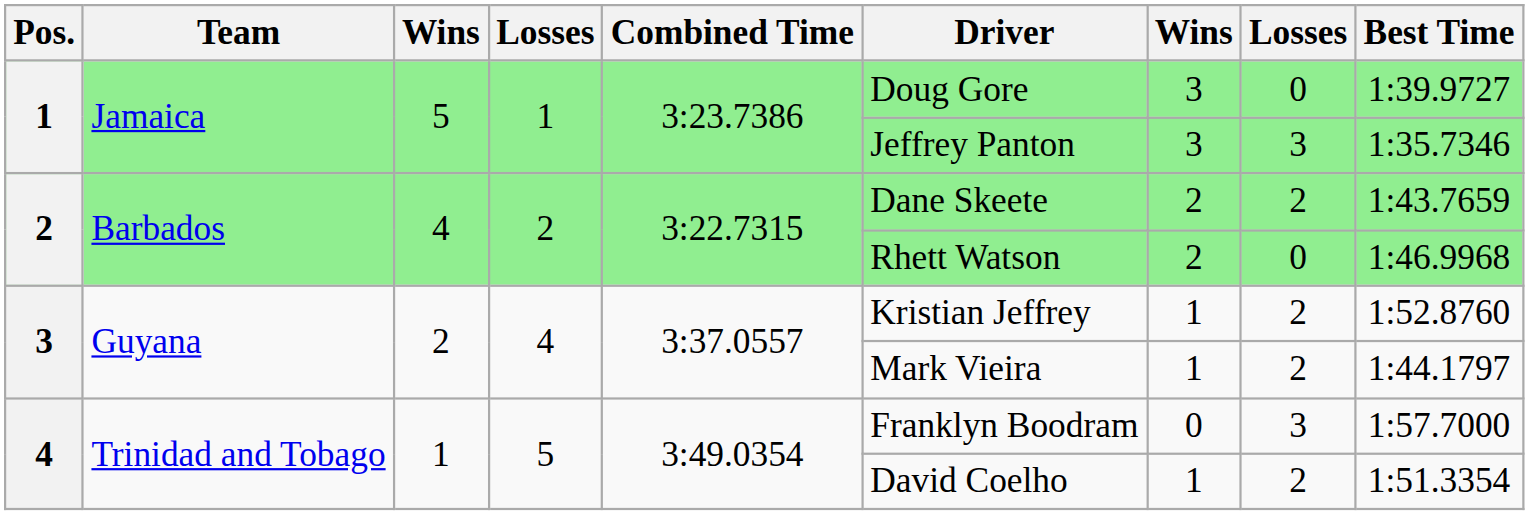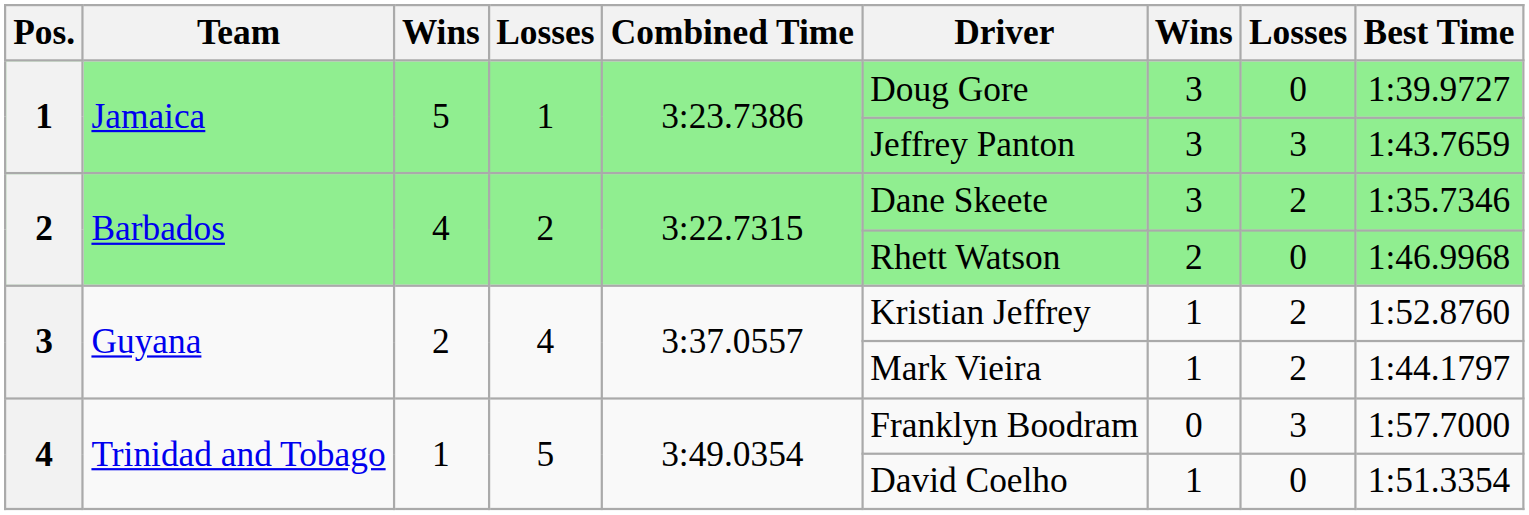 <table class="wikitable">
 <tr>
 <th>Pos.</th>
 <th>Team</th>
 <th>Wins</th>
 <th>Losses</th>
 <th>Combined Time</th>
 <th>Driver</th>
 <th>Wins</th>
 <th>Losses</th>
 <th>Best Time</th>
 </tr>
 <tr style="background:lightgreen;">
 <th rowspan=2>1</th>
 <td rowspan=2> <a href='#'>Jamaica</a></td>
 <td rowspan="2" style="text-align:center;">5</td>
 <td rowspan="2" style="text-align:center;">1</td>
 <td rowspan="2" style="text-align:center;">3:23.7386</td>
 <td> Doug Gore</td>
 <td style="text-align:center;">3</td>
 <td style="text-align:center;">0</td>
 <td style="text-align:center;">1:39.9727</td>
 </tr>
 <tr style="background:lightgreen;">
 <td> Jeffrey Panton</td>
 <td style="text-align:center;">3</td>
 <td style="text-align:center;">3</td>
-<td style="text-align:center;">1:35.7346</td>
+<td style="text-align:center;">1:43.7659</td>
 </tr>
 <tr style="background:lightgreen;">
 <th rowspan=2>2</th>
 <td rowspan=2> <a href='#'>Barbados</a></td>
 <td rowspan="2" style="text-align:center;">4</td>
 <td rowspan="2" style="text-align:center;">2</td>
 <td rowspan="2" style="text-align:center;">3:22.7315</td>
 <td> Dane Skeete</td>
+<td style="text-align:center;">3</td>
 <td style="text-align:center;">2</td>
-<td style="text-align:center;">2</td>
-<td style="text-align:center;">1:43.7659</td>
+<td style="text-align:center;">1:35.7346</td>
 </tr>
 <tr style="background:lightgreen;">
 <td> Rhett Watson</td>
 <td style="text-align:center;">2</td>
 <td style="text-align:center;">0</td>
 <td style="text-align:center;">1:46.9968</td>
 </tr>
 <tr>
 <th rowspan=2>3</th>
 <td rowspan=2> <a href='#'>Guyana</a></td>
 <td rowspan="2" style="text-align:center;">2</td>
 <td rowspan="2" style="text-align:center;">4</td>
 <td rowspan="2" style="text-align:center;">3:37.0557</td>
 <td> Kristian Jeffrey</td>
 <td style="text-align:center;">1</td>
 <td style="text-align:center;">2</td>
 <td style="text-align:center;">1:52.8760</td>
 </tr>
 <tr>
 <td> Mark Vieira</td>
 <td style="text-align:center;">1</td>
 <td style="text-align:center;">2</td>
 <td style="text-align:center;">1:44.1797</td>
 </tr>
 <tr>
 <th rowspan=2>4</th>
 <td rowspan=2> <a href='#'>Trinidad and Tobago</a></td>
 <td rowspan="2" style="text-align:center;">1</td>
 <td rowspan="2" style="text-align:center;">5</td>
 <td rowspan="2" style="text-align:center;">3:49.0354</td>
 <td> Franklyn Boodram</td>
 <td style="text-align:center;">0</td>
 <td style="text-align:center;">3</td>
 <td style="text-align:center;">1:57.7000</td>
 </tr>
 <tr>
 <td> David Coelho</td>
 <td style="text-align:center;">1</td>
-<td style="text-align:center;">2</td>
+<td style="text-align:center;">0</td>
 <td style="text-align:center;">1:51.3354</td>
 </tr>
 </table>
